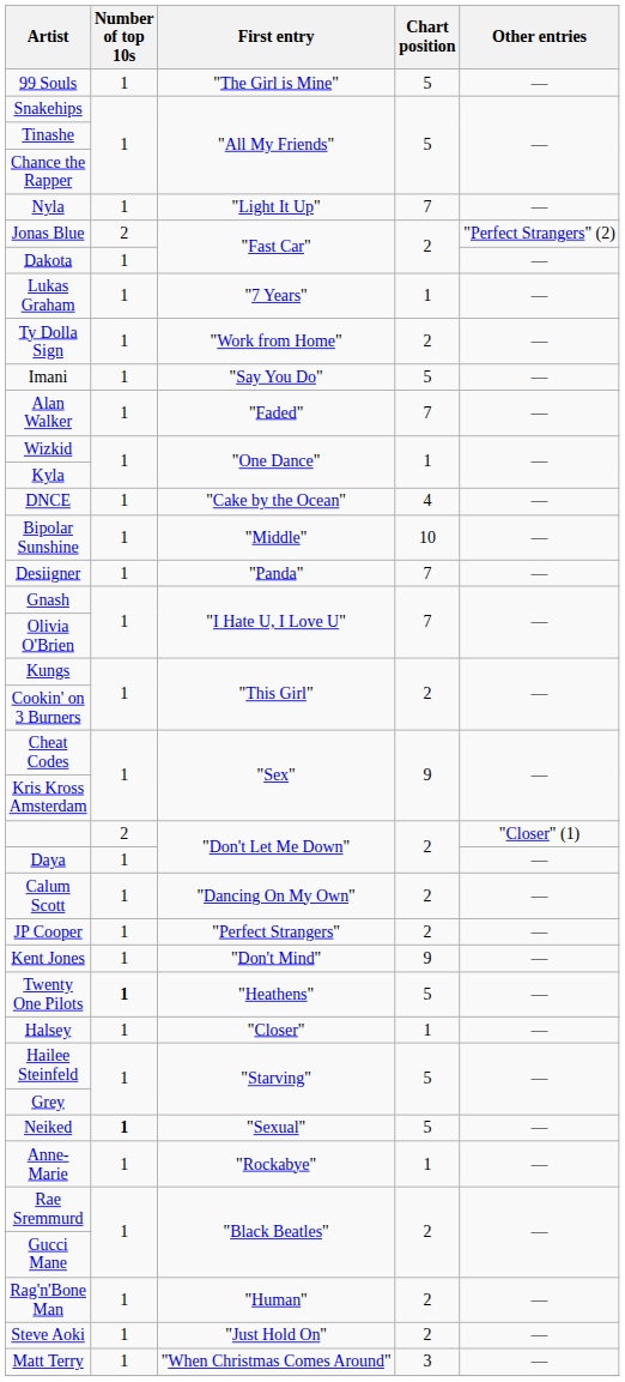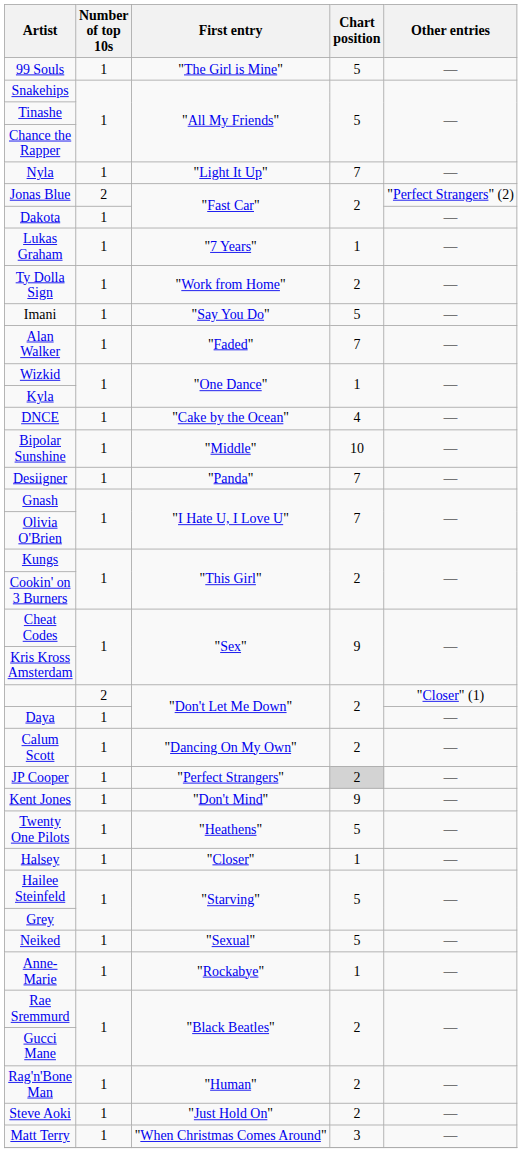 <table class="wikitable sortable mw-collapsible mw-collapsed" style="text-align: center;">
 <tr>
 <th scope="col" style="width:55px;">Artist</th>
 <th scope="col" style="width:55px;" data-sort-type="number">Number of top 10s</th>
 <th scope="col" style="text-align:center;">First entry</th>
 <th scope="col" style="width:55px;" data-sort-type="number">Chart position</th>
 <th scope="col" style="text-align:center;">Other entries</th>
 </tr>
 <tr>
 <td><a href='#'>99 Souls</a></td>
 <td>1</td>
 <td>"<a href='#'>The Girl is Mine</a>"</td>
 <td>5</td>
 <td>—</td>
 </tr>
 <tr>
 <td><a href='#'>Snakehips</a></td>
 <td rowspan="3">1</td>
 <td rowspan="3">"<a href='#'>All My Friends</a>"</td>
 <td rowspan="3">5</td>
 <td rowspan="3">—</td>
 </tr>
 <tr>
 <td><a href='#'>Tinashe</a></td>
 </tr>
 <tr>
 <td><a href='#'>Chance the Rapper</a></td>
 </tr>
 <tr>
 <td><a href='#'>Nyla</a></td>
 <td>1</td>
 <td>"<a href='#'>Light It Up</a>"</td>
 <td>7</td>
 <td>—</td>
 </tr>
 <tr>
 <td><a href='#'>Jonas Blue</a></td>
 <td>2</td>
 <td rowspan="2">"<a href='#'>Fast Car</a>"</td>
 <td rowspan="2">2</td>
 <td>"<a href='#'>Perfect Strangers</a>" (2)</td>
 </tr>
 <tr>
 <td><a href='#'>Dakota</a></td>
 <td>1</td>
 <td>—</td>
 </tr>
 <tr>
 <td><a href='#'>Lukas Graham</a></td>
 <td>1</td>
 <td>"<a href='#'>7 Years</a>"</td>
 <td>1</td>
 <td>—</td>
 </tr>
 <tr>
 <td><a href='#'>Ty Dolla Sign</a></td>
 <td>1</td>
 <td>"<a href='#'>Work from Home</a>"</td>
 <td>2</td>
 <td>—</td>
 </tr>
 <tr>
 <td>Imani</td>
 <td>1</td>
 <td>"<a href='#'>Say You Do</a>"</td>
 <td>5</td>
 <td>—</td>
 </tr>
 <tr>
 <td><a href='#'>Alan Walker</a></td>
 <td>1</td>
 <td>"<a href='#'>Faded</a>"</td>
 <td>7</td>
 <td>—</td>
 </tr>
 <tr>
 <td><a href='#'>Wizkid</a></td>
 <td rowspan="2">1</td>
 <td rowspan="2">"<a href='#'>One Dance</a>"</td>
 <td rowspan="2">1</td>
 <td rowspan="2">—</td>
 </tr>
 <tr>
 <td><a href='#'>Kyla</a></td>
 </tr>
 <tr>
 <td><a href='#'>DNCE</a></td>
 <td>1</td>
 <td>"<a href='#'>Cake by the Ocean</a>"</td>
 <td>4</td>
 <td>—</td>
 </tr>
 <tr>
 <td><a href='#'>Bipolar Sunshine</a></td>
 <td>1</td>
 <td>"<a href='#'>Middle</a>"</td>
 <td>10</td>
 <td>—</td>
 </tr>
 <tr>
 <td><a href='#'>Desiigner</a></td>
 <td>1</td>
 <td>"<a href='#'>Panda</a>"</td>
 <td>7</td>
 <td>—</td>
 </tr>
 <tr>
 <td><a href='#'>Gnash</a></td>
 <td rowspan="2">1</td>
 <td rowspan="2">"<a href='#'>I Hate U, I Love U</a>"</td>
 <td rowspan="2">7</td>
 <td rowspan="2">—</td>
 </tr>
 <tr>
 <td><a href='#'>Olivia O'Brien</a></td>
 </tr>
 <tr>
 <td><a href='#'>Kungs</a></td>
 <td rowspan="2">1</td>
 <td rowspan="2">"<a href='#'>This Girl</a>"</td>
 <td rowspan="2">2</td>
 <td rowspan="2">—</td>
 </tr>
 <tr>
 <td><a href='#'>Cookin' on 3 Burners</a></td>
 </tr>
 <tr>
 <td><a href='#'>Cheat Codes</a></td>
 <td rowspan="2">1</td>
 <td rowspan="2">"<a href='#'>Sex</a>"</td>
 <td rowspan="2">9</td>
 <td rowspan="2">—</td>
 </tr>
 <tr>
 <td><a href='#'>Kris Kross Amsterdam</a></td>
 </tr>
 <tr>
 <td></td>
 <td>2</td>
 <td rowspan="2">"<a href='#'>Don't Let Me Down</a>"</td>
 <td rowspan="2">2</td>
 <td>"<a href='#'>Closer</a>" (1)</td>
 </tr>
 <tr>
 <td><a href='#'>Daya</a></td>
 <td>1</td>
 <td>—</td>
 </tr>
 <tr>
 <td><a href='#'>Calum Scott</a></td>
 <td>1</td>
 <td>"<a href='#'>Dancing On My Own</a>"</td>
 <td>2</td>
 <td>—</td>
 </tr>
 <tr>
 <td><a href='#'>JP Cooper</a></td>
 <td>1</td>
 <td>"<a href='#'>Perfect Strangers</a>"</td>
-<td>2</td>
+<td style="background: lightgrey;">2</td>
 <td>—</td>
 </tr>
 <tr>
 <td><a href='#'>Kent Jones</a></td>
 <td>1</td>
 <td>"<a href='#'>Don't Mind</a>"</td>
 <td>9</td>
 <td>—</td>
 </tr>
 <tr>
 <td><a href='#'>Twenty One Pilots</a></td>
-<td><strong>1</strong></td>
+<td>1</td>
 <td>"<a href='#'>Heathens</a>"</td>
 <td>5</td>
 <td>—</td>
 </tr>
 <tr>
 <td><a href='#'>Halsey</a></td>
 <td>1</td>
 <td>"<a href='#'>Closer</a>"</td>
 <td>1</td>
 <td>—</td>
 </tr>
 <tr>
 <td><a href='#'>Hailee Steinfeld</a></td>
 <td rowspan="2">1</td>
 <td rowspan="2">"<a href='#'>Starving</a>"</td>
 <td rowspan="2">5</td>
 <td rowspan="2">—</td>
 </tr>
 <tr>
 <td><a href='#'>Grey</a></td>
 </tr>
 <tr>
 <td><a href='#'>Neiked</a></td>
-<td><strong>1</strong></td>
+<td>1</td>
 <td>"<a href='#'>Sexual</a>"</td>
 <td>5</td>
 <td>—</td>
 </tr>
 <tr>
 <td><a href='#'>Anne-Marie</a></td>
 <td>1</td>
 <td>"<a href='#'>Rockabye</a>"</td>
 <td>1</td>
 <td>—</td>
 </tr>
 <tr>
 <td><a href='#'>Rae Sremmurd</a></td>
 <td rowspan="2">1</td>
 <td rowspan="2">"<a href='#'>Black Beatles</a>"</td>
 <td rowspan="2">2</td>
 <td rowspan="2">—</td>
 </tr>
 <tr>
 <td><a href='#'>Gucci Mane</a></td>
 </tr>
 <tr>
 <td><a href='#'>Rag'n'Bone Man</a></td>
 <td>1</td>
 <td>"<a href='#'>Human</a>"</td>
 <td>2</td>
 <td>—</td>
 </tr>
 <tr>
 <td><a href='#'>Steve Aoki</a></td>
 <td>1</td>
 <td>"<a href='#'>Just Hold On</a>"</td>
 <td>2</td>
 <td>—</td>
 </tr>
 <tr>
 <td><a href='#'>Matt Terry</a></td>
 <td>1</td>
 <td>"<a href='#'>When Christmas Comes Around</a>"</td>
 <td>3</td>
 <td>—</td>
 </tr>
 <tr>
 </tr>
 </table>
